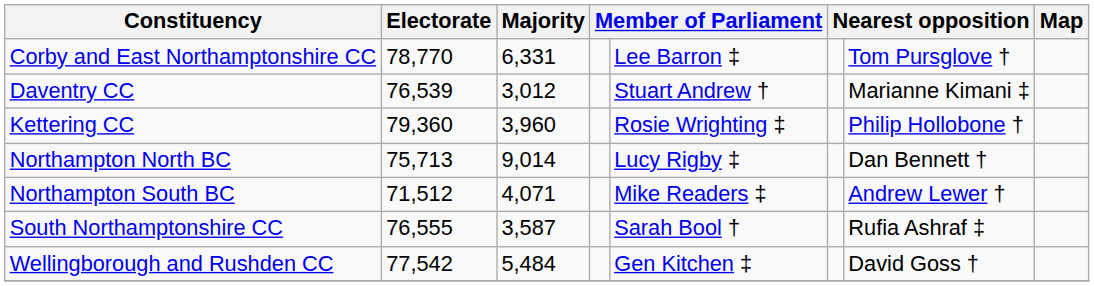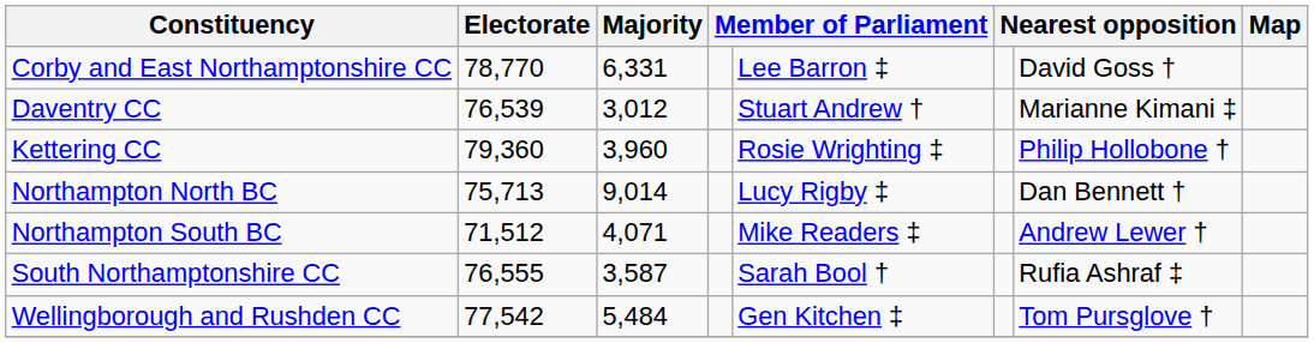 <table class="wikitable sortable">
 <tr>
 <th rowspan="1">Constituency</th>
 <th rowspan="1">Electorate</th>
 <th rowspan="1">Majority</th>
 <th class="unsortable" colspan="2"><a href='#'>Member of Parliament</a></th>
 <th class="unsortable" colspan="2">Nearest opposition<br></th>
 <th class="unsortable" rowspan="1">Map</th>
 </tr>
 <tr>
 <td><a href='#'>Corby and East Northamptonshire CC</a></td>
 <td>78,770</td>
 <td>6,331</td>
 <td style="color:inherit;background:"> </td>
 <td><a href='#'>Lee Barron</a> ‡</td>
 <td style="color:inherit;background:"> </td>
-<td><a href='#'>Tom Pursglove</a> †</td>
+<td>David Goss †</td>
 <td></td>
 </tr>
 <tr>
 <td><a href='#'>Daventry CC</a></td>
 <td>76,539</td>
 <td>3,012</td>
 <td style="color:inherit;background:"> </td>
 <td><a href='#'>Stuart Andrew</a> †</td>
 <td style="color:inherit;background:"> </td>
 <td>Marianne Kimani ‡</td>
 <td></td>
 </tr>
 <tr>
 <td><a href='#'>Kettering CC</a></td>
 <td>79,360</td>
 <td>3,960</td>
 <td style="color:inherit;background:"> </td>
 <td><a href='#'>Rosie Wrighting</a> ‡</td>
 <td style="color:inherit;background:"> </td>
 <td><a href='#'>Philip Hollobone</a> †</td>
 <td></td>
 </tr>
 <tr>
 <td><a href='#'>Northampton North BC</a></td>
 <td>75,713</td>
 <td>9,014</td>
 <td style="color:inherit;background:"> </td>
 <td><a href='#'>Lucy Rigby</a> ‡</td>
 <td style="color:inherit;background:"> </td>
 <td>Dan Bennett †</td>
 <td></td>
 </tr>
 <tr>
 <td><a href='#'>Northampton South BC</a></td>
 <td>71,512</td>
 <td>4,071</td>
 <td style="color:inherit;background:"> </td>
 <td><a href='#'>Mike Readers</a> ‡</td>
 <td style="color:inherit;background:"> </td>
 <td><a href='#'>Andrew Lewer</a> †</td>
 <td></td>
 </tr>
 <tr>
 <td><a href='#'>South Northamptonshire CC</a></td>
 <td>76,555</td>
 <td>3,587</td>
 <td style="color:inherit;background:"> </td>
 <td><a href='#'>Sarah Bool</a> †</td>
 <td style="color:inherit;background:"> </td>
 <td>Rufia Ashraf ‡</td>
 <td></td>
 </tr>
 <tr>
 <td><a href='#'>Wellingborough and Rushden CC</a></td>
 <td>77,542</td>
 <td>5,484</td>
 <td style="color:inherit;background:"> </td>
 <td><a href='#'>Gen Kitchen</a> ‡</td>
 <td style="color:inherit;background:"> </td>
-<td>David Goss †</td>
+<td><a href='#'>Tom Pursglove</a> †</td>
 <td></td>
 </tr>
 <tr>
 </tr>
 </table>
